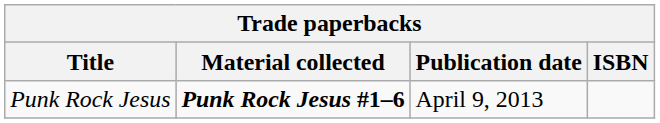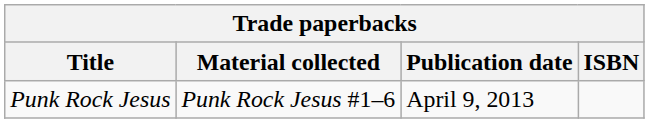 <table class="wikitable">
 <tr>
 <th colspan=4>Trade paperbacks</th>
 </tr>
 <tr>
 <th>Title</th>
 <th>Material collected</th>
 <th>Publication date</th>
 <th>ISBN</th>
 </tr>
 <tr>
 <td><em>Punk Rock Jesus</em></td>
-<td><strong><em>Punk Rock Jesus</em> #1–6</strong></td>
+<td><em>Punk Rock Jesus</em> #1–6</td>
 <td>April 9, 2013</td>
 <td></td>
 </tr>
 </table>
